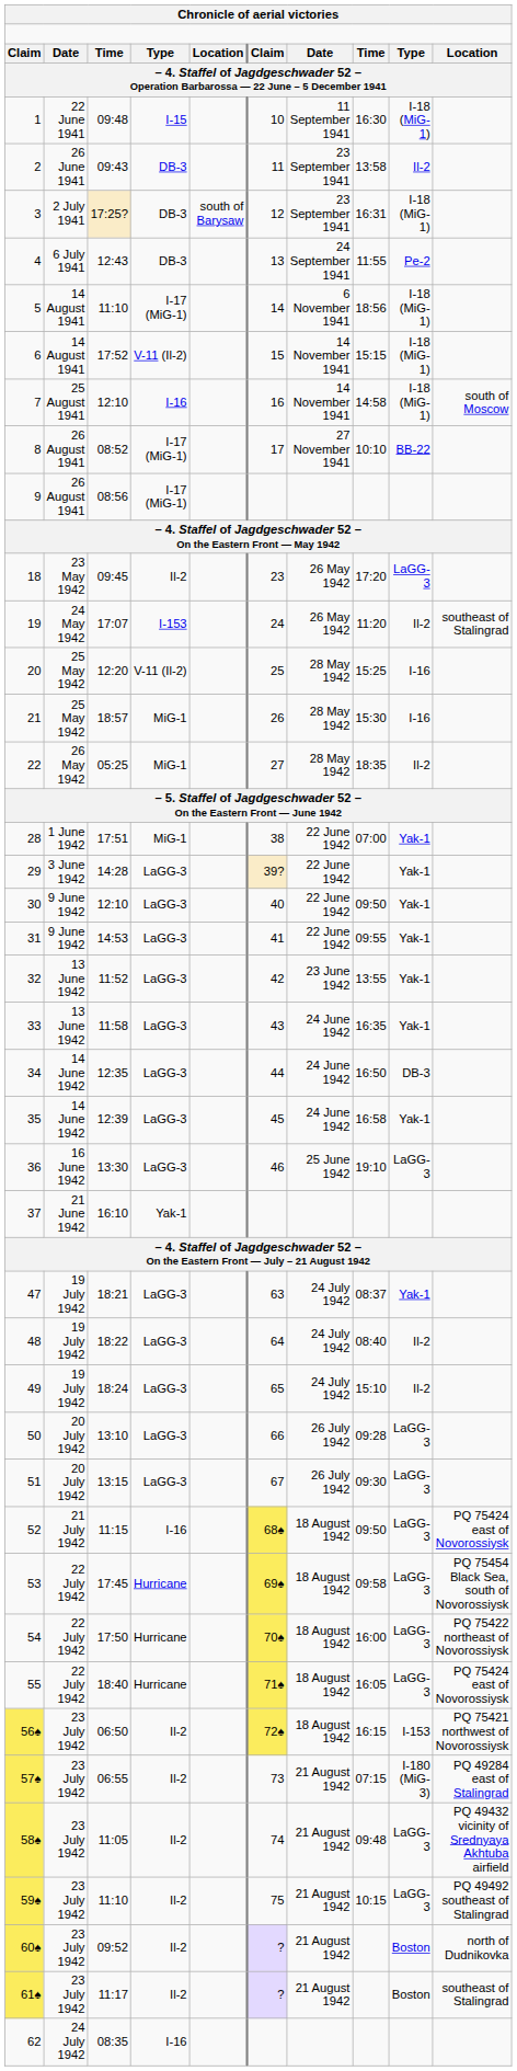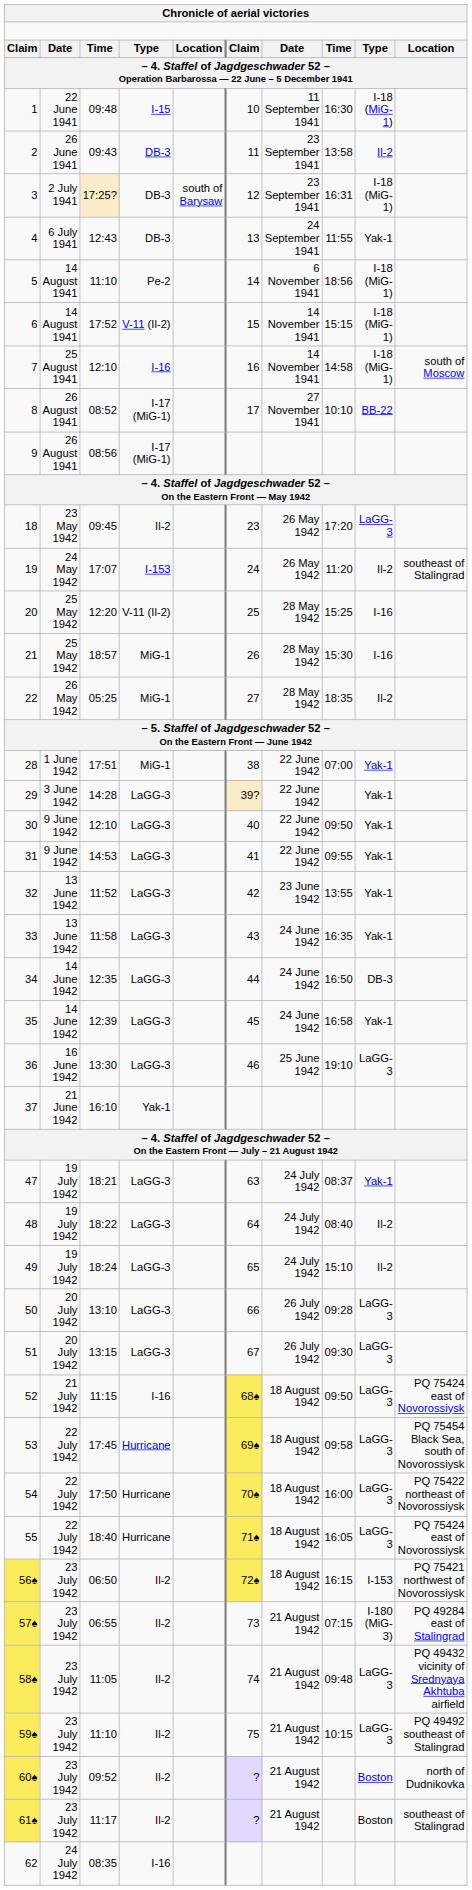 <table class="wikitable plainrowheaders collapsible" style="margin-left: auto; margin-right: auto; border: none; text-align:right; width: 100%;">
 <tr>
 <th colspan="10">Chronicle of aerial victories</th>
 </tr>
 <tr>
 <td colspan="10" style="text-align: left;"><br>  </td>
 </tr>
 <tr>
 <th scope="col">Claim</th>
 <th scope="col">Date</th>
 <th scope="col">Time</th>
 <th scope="col" width="100px">Type</th>
 <th scope="col">Location</th>
 <th scope="col" style="border-left: 3px solid grey;">Claim</th>
 <th scope="col">Date</th>
 <th scope="col">Time</th>
 <th scope="col" width="100px">Type</th>
 <th scope="col">Location</th>
 </tr>
 <tr>
 <th colspan="10">– 4. <em>Staffel</em> of <em>Jagdgeschwader</em> 52 –<br><small>Operation Barbarossa — 22 June – 5 December 1941</small></th>
 </tr>
 <tr>
 <td>1</td>
 <td>22 June 1941</td>
 <td>09:48</td>
 <td><a href='#'>I-15</a></td>
 <td></td>
 <td style="border-left: 3px solid grey;">10</td>
 <td>11 September 1941</td>
 <td>16:30</td>
 <td>I-18 (<a href='#'>MiG-1</a>)</td>
 <td></td>
 </tr>
 <tr>
 <td>2</td>
 <td>26 June 1941</td>
 <td>09:43</td>
 <td><a href='#'>DB-3</a></td>
 <td></td>
 <td style="border-left: 3px solid grey;">11</td>
 <td>23 September 1941</td>
 <td>13:58</td>
 <td><a href='#'>Il-2</a></td>
 <td></td>
 </tr>
 <tr>
 <td>3</td>
 <td>2 July 1941</td>
 <td style="background:#faecc8">17:25?</td>
 <td>DB-3</td>
 <td>south of <a href='#'>Barysaw</a></td>
 <td style="border-left: 3px solid grey;">12</td>
 <td>23 September 1941</td>
 <td>16:31</td>
 <td>I-18 (MiG-1)</td>
 <td></td>
 </tr>
 <tr>
 <td>4</td>
 <td>6 July 1941</td>
 <td>12:43</td>
 <td>DB-3</td>
 <td></td>
 <td style="border-left: 3px solid grey;">13</td>
 <td>24 September 1941</td>
 <td>11:55</td>
-<td><a href='#'>Pe-2</a></td>
+<td>Yak-1</td>
 <td></td>
 </tr>
 <tr>
 <td>5</td>
 <td>14 August 1941</td>
 <td>11:10</td>
-<td>I-17 (MiG-1)</td>
+<td>Pe-2</td>
 <td></td>
 <td style="border-left: 3px solid grey;">14</td>
 <td>6 November 1941</td>
 <td>18:56</td>
 <td>I-18 (MiG-1)</td>
 <td></td>
 </tr>
 <tr>
 <td>6</td>
 <td>14 August 1941</td>
 <td>17:52</td>
 <td><a href='#'>V-11</a> (Il-2)</td>
 <td></td>
 <td style="border-left: 3px solid grey;">15</td>
 <td>14 November 1941</td>
 <td>15:15</td>
 <td>I-18 (MiG-1)</td>
 <td></td>
 </tr>
 <tr>
 <td>7</td>
 <td>25 August 1941</td>
 <td>12:10</td>
 <td><a href='#'>I-16</a></td>
 <td></td>
 <td style="border-left: 3px solid grey;">16</td>
 <td>14 November 1941</td>
 <td>14:58</td>
 <td>I-18 (MiG-1)</td>
 <td> south of <a href='#'>Moscow</a></td>
 </tr>
 <tr>
 <td>8</td>
 <td>26 August 1941</td>
 <td>08:52</td>
 <td>I-17 (MiG-1)</td>
 <td></td>
 <td style="border-left: 3px solid grey;">17</td>
 <td>27 November 1941</td>
 <td>10:10</td>
 <td><a href='#'>BB-22</a></td>
 <td></td>
 </tr>
 <tr>
 <td>9</td>
 <td>26 August 1941</td>
 <td>08:56</td>
 <td>I-17 (MiG-1)</td>
 <td></td>
 <td style="border-left: 3px solid grey;"></td>
 <td></td>
 <td></td>
 <td></td>
 <td></td>
 </tr>
 <tr>
 <th colspan="10">– 4. <em>Staffel</em> of <em>Jagdgeschwader</em> 52 –<br><small>On the Eastern Front — May 1942</small></th>
 </tr>
 <tr>
 <td>18</td>
 <td>23 May 1942</td>
 <td>09:45</td>
 <td>Il-2</td>
 <td></td>
 <td style="border-left: 3px solid grey;">23</td>
 <td>26 May 1942</td>
 <td>17:20</td>
 <td><a href='#'>LaGG-3</a></td>
 <td></td>
 </tr>
 <tr>
 <td>19</td>
 <td>24 May 1942</td>
 <td>17:07</td>
 <td><a href='#'>I-153</a></td>
 <td></td>
 <td style="border-left: 3px solid grey;">24</td>
 <td>26 May 1942</td>
 <td>11:20</td>
 <td>Il-2</td>
 <td> southeast of Stalingrad</td>
 </tr>
 <tr>
 <td>20</td>
 <td>25 May 1942</td>
 <td>12:20</td>
 <td>V-11 (Il-2)</td>
 <td></td>
 <td style="border-left: 3px solid grey;">25</td>
 <td>28 May 1942</td>
 <td>15:25</td>
 <td>I-16</td>
 <td></td>
 </tr>
 <tr>
 <td>21</td>
 <td>25 May 1942</td>
 <td>18:57</td>
 <td>MiG-1</td>
 <td></td>
 <td style="border-left: 3px solid grey;">26</td>
 <td>28 May 1942</td>
 <td>15:30</td>
 <td>I-16</td>
 <td></td>
 </tr>
 <tr>
 <td>22</td>
 <td>26 May 1942</td>
 <td>05:25</td>
 <td>MiG-1</td>
 <td></td>
 <td style="border-left: 3px solid grey;">27</td>
 <td>28 May 1942</td>
 <td>18:35</td>
 <td>Il-2</td>
 <td></td>
 </tr>
 <tr>
 <th colspan="10">– 5. <em>Staffel</em> of <em>Jagdgeschwader</em> 52 –<br><small>On the Eastern Front — June 1942</small></th>
 </tr>
 <tr>
 <td>28</td>
 <td>1 June 1942</td>
 <td>17:51</td>
 <td>MiG-1</td>
 <td></td>
 <td style="border-left: 3px solid grey;">38</td>
 <td>22 June 1942</td>
 <td>07:00</td>
 <td><a href='#'>Yak-1</a></td>
 <td></td>
 </tr>
 <tr>
 <td>29</td>
 <td>3 June 1942</td>
 <td>14:28</td>
 <td>LaGG-3</td>
 <td></td>
 <td style="border-left: 3px solid grey; background:#faecc8">39?</td>
 <td>22 June 1942</td>
 <td></td>
 <td>Yak-1</td>
 <td></td>
 </tr>
 <tr>
 <td>30</td>
 <td>9 June 1942</td>
 <td>12:10</td>
 <td>LaGG-3</td>
 <td></td>
 <td style="border-left: 3px solid grey;">40</td>
 <td>22 June 1942</td>
 <td>09:50</td>
 <td>Yak-1</td>
 <td></td>
 </tr>
 <tr>
 <td>31</td>
 <td>9 June 1942</td>
 <td>14:53</td>
 <td>LaGG-3</td>
 <td></td>
 <td style="border-left: 3px solid grey;">41</td>
 <td>22 June 1942</td>
 <td>09:55</td>
 <td>Yak-1</td>
 <td></td>
 </tr>
 <tr>
 <td>32</td>
 <td>13 June 1942</td>
 <td>11:52</td>
 <td>LaGG-3</td>
 <td></td>
 <td style="border-left: 3px solid grey;">42</td>
 <td>23 June 1942</td>
 <td>13:55</td>
 <td>Yak-1</td>
 <td></td>
 </tr>
 <tr>
 <td>33</td>
 <td>13 June 1942</td>
 <td>11:58</td>
 <td>LaGG-3</td>
 <td></td>
 <td style="border-left: 3px solid grey;">43</td>
 <td>24 June 1942</td>
 <td>16:35</td>
 <td>Yak-1</td>
 <td></td>
 </tr>
 <tr>
 <td>34</td>
 <td>14 June 1942</td>
 <td>12:35</td>
 <td>LaGG-3</td>
 <td></td>
 <td style="border-left: 3px solid grey;">44</td>
 <td>24 June 1942</td>
 <td>16:50</td>
 <td>DB-3</td>
 <td></td>
 </tr>
 <tr>
 <td>35</td>
 <td>14 June 1942</td>
 <td>12:39</td>
 <td>LaGG-3</td>
 <td></td>
 <td style="border-left: 3px solid grey;">45</td>
 <td>24 June 1942</td>
 <td>16:58</td>
 <td>Yak-1</td>
 <td></td>
 </tr>
 <tr>
 <td>36</td>
 <td>16 June 1942</td>
 <td>13:30</td>
 <td>LaGG-3</td>
 <td></td>
 <td style="border-left: 3px solid grey;">46</td>
 <td>25 June 1942</td>
 <td>19:10</td>
 <td>LaGG-3</td>
 <td></td>
 </tr>
 <tr>
 <td>37</td>
 <td>21 June 1942</td>
 <td>16:10</td>
 <td>Yak-1</td>
 <td></td>
 <td style="border-left: 3px solid grey;"></td>
 <td></td>
 <td></td>
 <td></td>
 <td></td>
 </tr>
 <tr>
 <th colspan="10">– 4. <em>Staffel</em> of <em>Jagdgeschwader</em> 52 –<br><small>On the Eastern Front — July – 21 August 1942</small></th>
 </tr>
 <tr>
 <td>47</td>
 <td>19 July 1942</td>
 <td>18:21</td>
 <td>LaGG-3</td>
 <td></td>
 <td style="border-left: 3px solid grey;">63</td>
 <td>24 July 1942</td>
 <td>08:37</td>
 <td><a href='#'>Yak-1</a></td>
 <td></td>
 </tr>
 <tr>
 <td>48</td>
 <td>19 July 1942</td>
 <td>18:22</td>
 <td>LaGG-3</td>
 <td></td>
 <td style="border-left: 3px solid grey;">64</td>
 <td>24 July 1942</td>
 <td>08:40</td>
 <td>Il-2</td>
 <td></td>
 </tr>
 <tr>
 <td>49</td>
 <td>19 July 1942</td>
 <td>18:24</td>
 <td>LaGG-3</td>
 <td></td>
 <td style="border-left: 3px solid grey;">65</td>
 <td>24 July 1942</td>
 <td>15:10</td>
 <td>Il-2</td>
 <td></td>
 </tr>
 <tr>
 <td>50</td>
 <td>20 July 1942</td>
 <td>13:10</td>
 <td>LaGG-3</td>
 <td></td>
 <td style="border-left: 3px solid grey;">66</td>
 <td>26 July 1942</td>
 <td>09:28</td>
 <td>LaGG-3</td>
 <td></td>
 </tr>
 <tr>
 <td>51</td>
 <td>20 July 1942</td>
 <td>13:15</td>
 <td>LaGG-3</td>
 <td></td>
 <td style="border-left: 3px solid grey;">67</td>
 <td>26 July 1942</td>
 <td>09:30</td>
 <td>LaGG-3</td>
 <td></td>
 </tr>
 <tr>
 <td>52</td>
 <td>21 July 1942</td>
 <td>11:15</td>
 <td>I-16</td>
 <td></td>
 <td style="border-left: 3px solid grey; background:#fbec5d;">68♠</td>
 <td>18 August 1942</td>
 <td>09:50</td>
 <td>LaGG-3</td>
 <td>PQ 75424<br> east of <a href='#'>Novorossiysk</a></td>
 </tr>
 <tr>
 <td>53</td>
 <td>22 July 1942</td>
 <td>17:45</td>
 <td><a href='#'>Hurricane</a></td>
 <td></td>
 <td style="border-left: 3px solid grey; background:#fbec5d;">69♠</td>
 <td>18 August 1942</td>
 <td>09:58</td>
 <td>LaGG-3</td>
 <td>PQ 75454<br>Black Sea,  south of Novorossiysk</td>
 </tr>
 <tr>
 <td>54</td>
 <td>22 July 1942</td>
 <td>17:50</td>
 <td>Hurricane</td>
 <td></td>
 <td style="border-left: 3px solid grey; background:#fbec5d;">70♠</td>
 <td>18 August 1942</td>
 <td>16:00</td>
 <td>LaGG-3</td>
 <td>PQ 75422<br>northeast of Novorossiysk</td>
 </tr>
 <tr>
 <td>55</td>
 <td>22 July 1942</td>
 <td>18:40</td>
 <td>Hurricane</td>
 <td></td>
 <td style="border-left: 3px solid grey; background:#fbec5d;">71♠</td>
 <td>18 August 1942</td>
 <td>16:05</td>
 <td>LaGG-3</td>
 <td>PQ 75424<br> east of Novorossiysk</td>
 </tr>
 <tr>
 <td style="background:#fbec5d;">56♠</td>
 <td>23 July 1942</td>
 <td>06:50</td>
 <td>Il-2</td>
 <td></td>
 <td style="border-left: 3px solid grey; background:#fbec5d;">72♠</td>
 <td>18 August 1942</td>
 <td>16:15</td>
 <td>I-153</td>
 <td>PQ 75421<br>northwest of Novorossiysk</td>
 </tr>
 <tr>
 <td style="background:#fbec5d;">57♠</td>
 <td>23 July 1942</td>
 <td>06:55</td>
 <td>Il-2</td>
 <td></td>
 <td style="border-left: 3px solid grey;">73</td>
 <td>21 August 1942</td>
 <td>07:15</td>
 <td>I-180 (MiG-3)</td>
 <td>PQ 49284<br> east of <a href='#'>Stalingrad</a></td>
 </tr>
 <tr>
 <td style="background:#fbec5d;">58♠</td>
 <td>23 July 1942</td>
 <td>11:05</td>
 <td>Il-2</td>
 <td></td>
 <td style="border-left: 3px solid grey;">74</td>
 <td>21 August 1942</td>
 <td>09:48</td>
 <td>LaGG-3</td>
 <td>PQ 49432<br>vicinity of <a href='#'>Srednyaya Akhtuba</a> airfield</td>
 </tr>
 <tr>
 <td style="background:#fbec5d;">59♠</td>
 <td>23 July 1942</td>
 <td>11:10</td>
 <td>Il-2</td>
 <td></td>
 <td style="border-left: 3px solid grey;">75</td>
 <td>21 August 1942</td>
 <td>10:15</td>
 <td>LaGG-3</td>
 <td>PQ 49492<br> southeast of Stalingrad</td>
 </tr>
 <tr>
 <td style="background:#fbec5d;">60♠</td>
 <td>23 July 1942</td>
 <td>09:52</td>
 <td>Il-2</td>
 <td></td>
 <td style="border-left: 3px solid grey; background:#e3d9ff;">?</td>
 <td>21 August 1942</td>
 <td></td>
 <td><a href='#'>Boston</a></td>
 <td>north of Dudnikovka</td>
 </tr>
 <tr>
 <td style="background:#fbec5d;">61♠</td>
 <td>23 July 1942</td>
 <td>11:17</td>
 <td>Il-2</td>
 <td></td>
 <td style="border-left: 3px solid grey; background:#e3d9ff;">?</td>
 <td>21 August 1942</td>
 <td></td>
 <td>Boston</td>
 <td> southeast of Stalingrad</td>
 </tr>
 <tr>
 <td>62</td>
 <td>24 July 1942</td>
 <td>08:35</td>
 <td>I-16</td>
 <td></td>
 <td style="border-left: 3px solid grey;"></td>
 <td></td>
 <td></td>
 <td></td>
 <td></td>
 </tr>
 </table>
